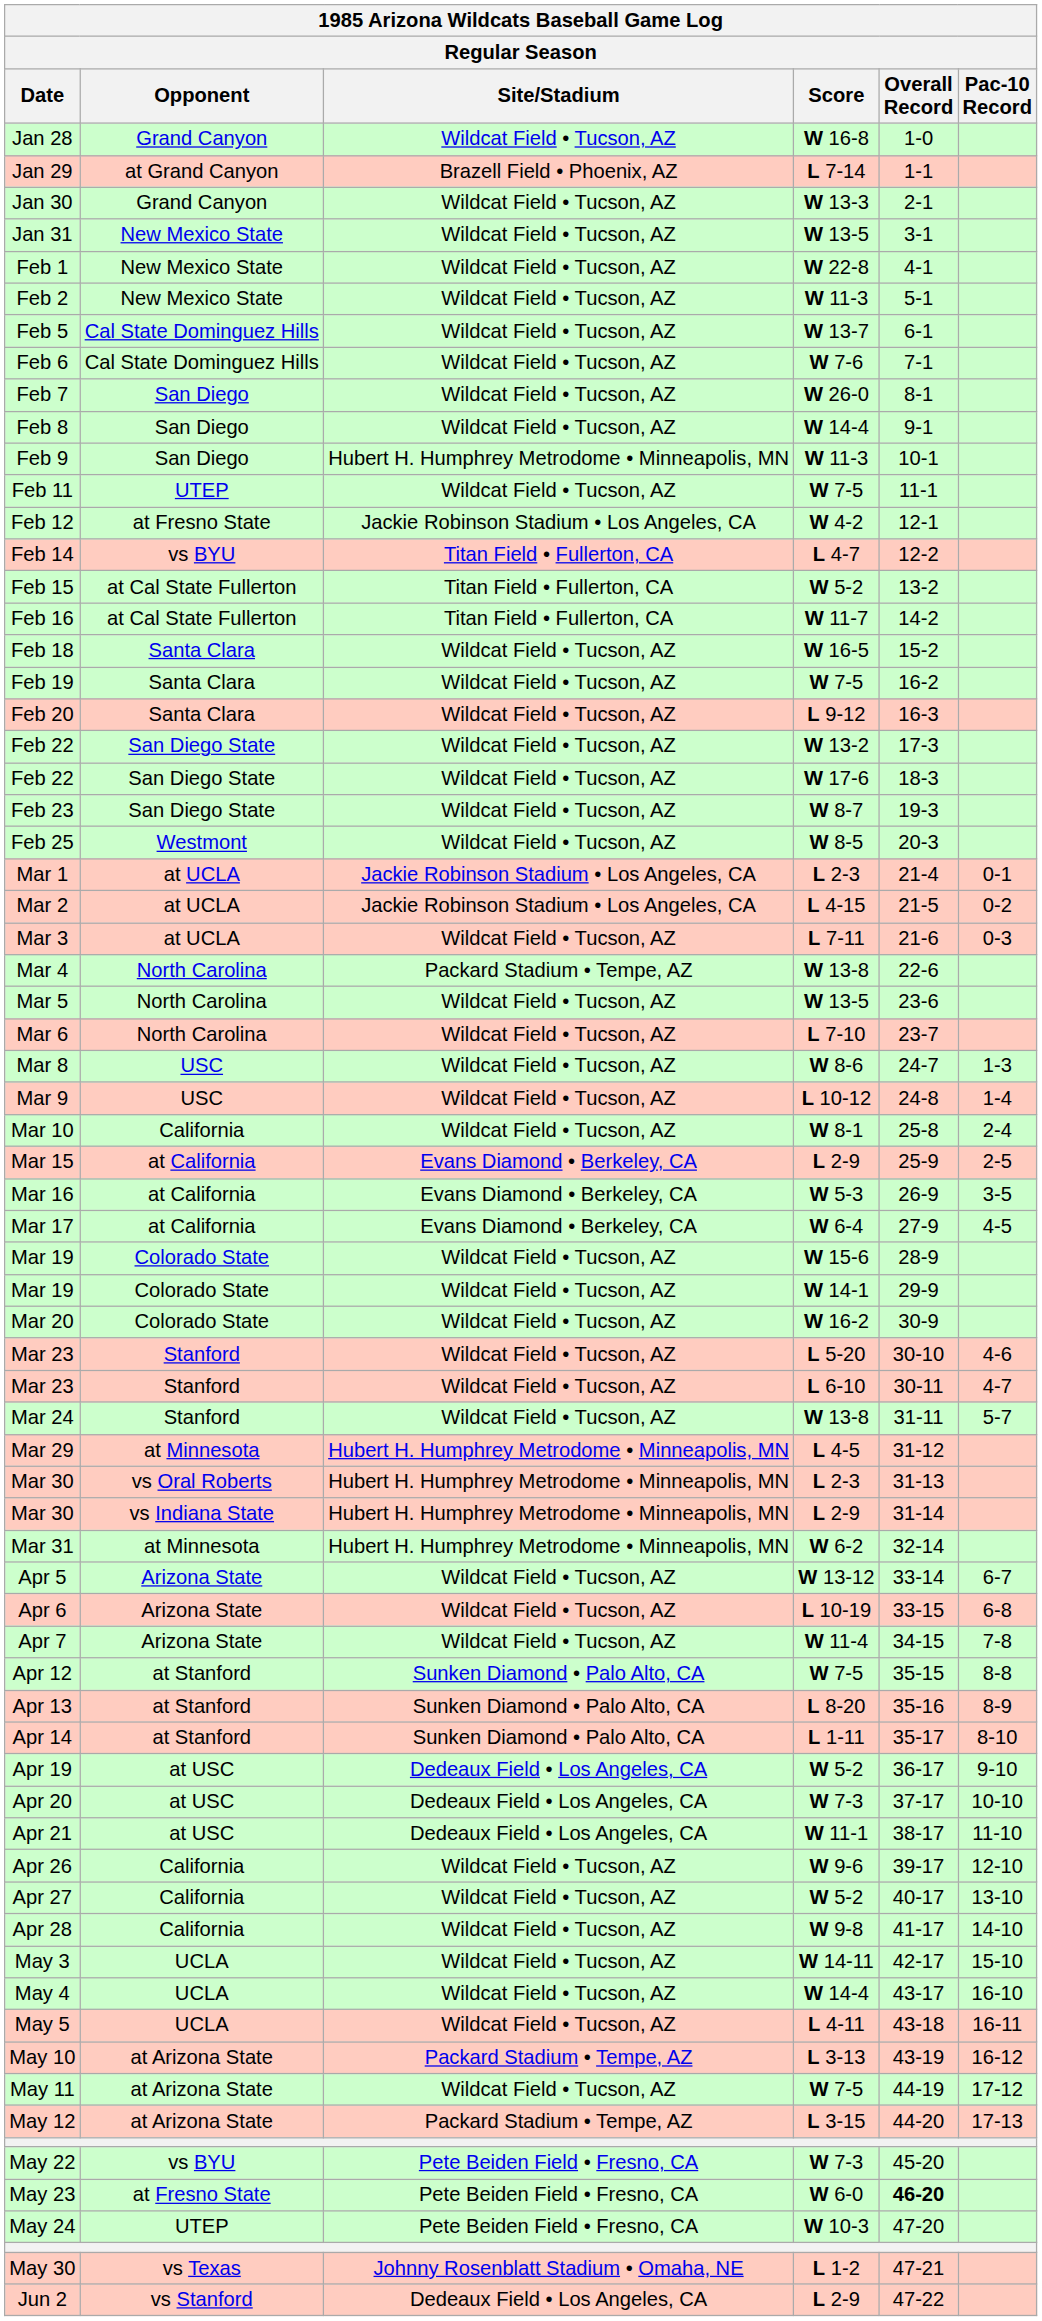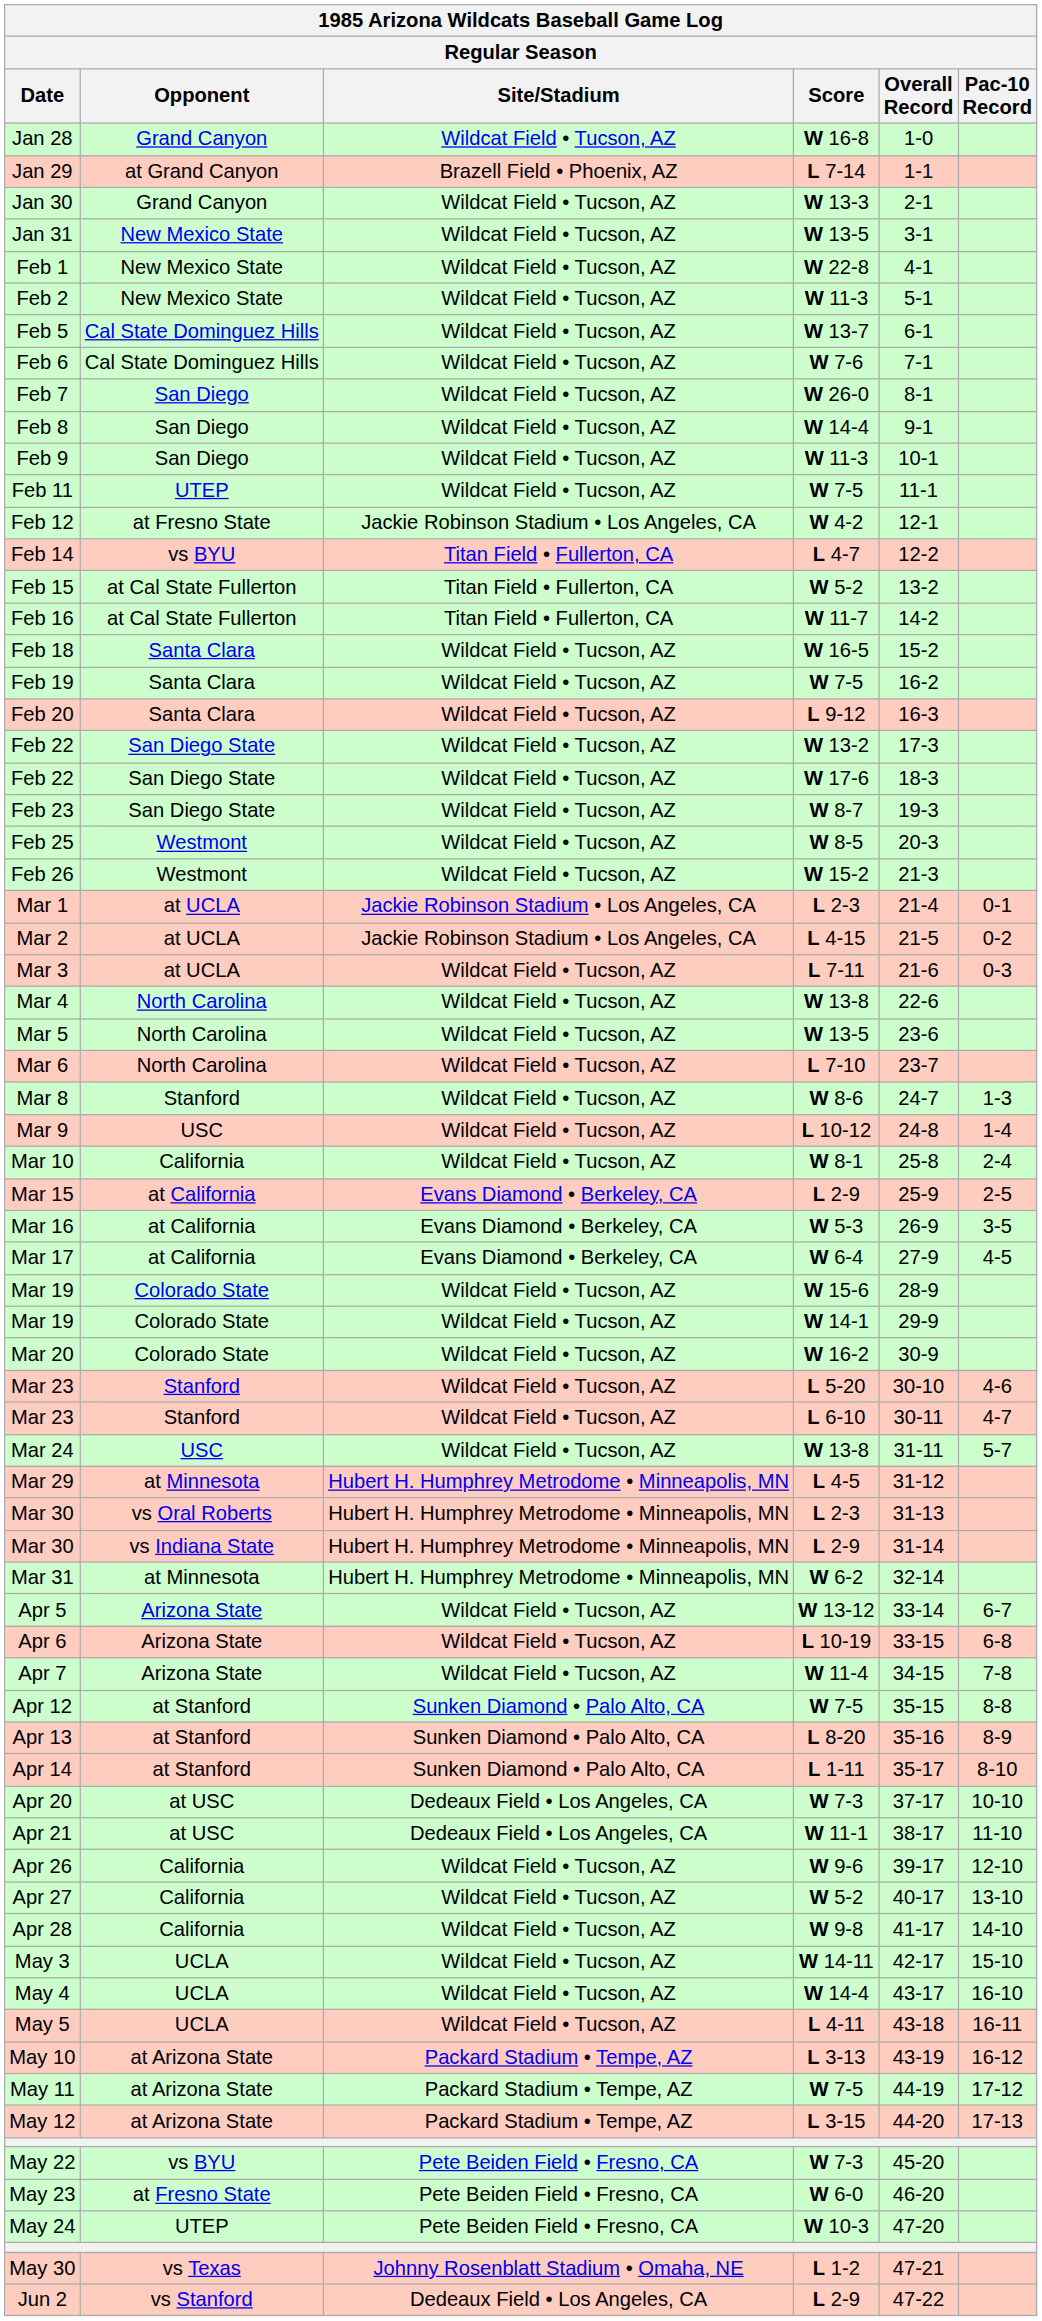 <table class="wikitable">
 <tr>
 <th colspan="6">1985 Arizona Wildcats Baseball Game Log</th>
 </tr>
 <tr>
 <th colspan="6">Regular Season</th>
 </tr>
 <tr>
 <th>Date</th>
 <th>Opponent</th>
 <th>Site/Stadium</th>
 <th>Score</th>
 <th>Overall<br>Record</th>
 <th>Pac-10<br>Record</th>
 </tr>
 <tr bgcolor="ccffcc" align="center">
 <td>Jan 28</td>
 <td><a href='#'>Grand Canyon</a></td>
 <td><a href='#'>Wildcat Field</a> • <a href='#'>Tucson, AZ</a></td>
 <td><strong>W</strong> 16-8</td>
 <td>1-0</td>
 <td></td>
 </tr>
 <tr bgcolor="ffccc" align="center">
 <td>Jan 29</td>
 <td>at Grand Canyon</td>
 <td>Brazell Field • Phoenix, AZ</td>
 <td><strong>L</strong> 7-14</td>
 <td>1-1</td>
 <td></td>
 </tr>
 <tr bgcolor="ccffcc" align="center">
 <td>Jan 30</td>
 <td>Grand Canyon</td>
 <td>Wildcat Field • Tucson, AZ</td>
 <td><strong>W</strong> 13-3</td>
 <td>2-1</td>
 <td></td>
 </tr>
 <tr bgcolor="ccffcc" align="center">
 <td>Jan 31</td>
 <td><a href='#'>New Mexico State</a></td>
 <td>Wildcat Field • Tucson, AZ</td>
 <td><strong>W</strong> 13-5</td>
 <td>3-1</td>
 <td></td>
 </tr>
 <tr bgcolor="ccffcc" align="center">
 <td>Feb 1</td>
 <td>New Mexico State</td>
 <td>Wildcat Field • Tucson, AZ</td>
 <td><strong>W</strong> 22-8</td>
 <td>4-1</td>
 <td></td>
 </tr>
 <tr bgcolor="ccffcc" align="center">
 <td>Feb 2</td>
 <td>New Mexico State</td>
 <td>Wildcat Field • Tucson, AZ</td>
 <td><strong>W</strong> 11-3</td>
 <td>5-1</td>
 <td></td>
 </tr>
 <tr bgcolor="ccffcc" align="center">
 <td>Feb 5</td>
 <td><a href='#'>Cal State Dominguez Hills</a></td>
 <td>Wildcat Field • Tucson, AZ</td>
 <td><strong>W</strong> 13-7</td>
 <td>6-1</td>
 <td></td>
 </tr>
 <tr bgcolor="ccffcc" align="center">
 <td>Feb 6</td>
 <td>Cal State Dominguez Hills</td>
 <td>Wildcat Field • Tucson, AZ</td>
 <td><strong>W</strong> 7-6</td>
 <td>7-1</td>
 <td></td>
 </tr>
 <tr bgcolor="ccffcc" align="center">
 <td>Feb 7</td>
 <td><a href='#'>San Diego</a></td>
 <td>Wildcat Field • Tucson, AZ</td>
 <td><strong>W</strong> 26-0</td>
 <td>8-1</td>
 <td></td>
 </tr>
 <tr bgcolor="ccffcc" align="center">
 <td>Feb 8</td>
 <td>San Diego</td>
 <td>Wildcat Field • Tucson, AZ</td>
 <td><strong>W</strong> 14-4</td>
 <td>9-1</td>
 <td></td>
 </tr>
 <tr bgcolor="ccffcc" align="center">
 <td>Feb 9</td>
 <td>San Diego</td>
-<td>Hubert H. Humphrey Metrodome • Minneapolis, MN</td>
+<td>Wildcat Field • Tucson, AZ</td>
 <td><strong>W</strong> 11-3</td>
 <td>10-1</td>
 <td></td>
 </tr>
 <tr bgcolor="ccffcc" align="center">
 <td>Feb 11</td>
 <td><a href='#'>UTEP</a></td>
 <td>Wildcat Field • Tucson, AZ</td>
 <td><strong>W</strong> 7-5</td>
 <td>11-1</td>
 <td></td>
 </tr>
 <tr bgcolor="ccffcc" align="center">
 <td>Feb 12</td>
 <td>at Fresno State</td>
 <td>Jackie Robinson Stadium • Los Angeles, CA</td>
 <td><strong>W</strong> 4-2</td>
 <td>12-1</td>
 <td></td>
 </tr>
 <tr bgcolor="ffccc" align="center">
 <td>Feb 14</td>
 <td>vs <a href='#'>BYU</a></td>
 <td><a href='#'>Titan Field</a> • <a href='#'>Fullerton, CA</a></td>
 <td><strong>L</strong> 4-7</td>
 <td>12-2</td>
 <td></td>
 </tr>
 <tr bgcolor="ccffcc" align="center">
 <td>Feb 15</td>
 <td>at Cal State Fullerton</td>
 <td>Titan Field • Fullerton, CA</td>
 <td><strong>W</strong> 5-2</td>
 <td>13-2</td>
 <td></td>
 </tr>
 <tr bgcolor="ccffcc" align="center">
 <td>Feb 16</td>
 <td>at Cal State Fullerton</td>
 <td>Titan Field • Fullerton, CA</td>
 <td><strong>W</strong> 11-7</td>
 <td>14-2</td>
 <td></td>
 </tr>
 <tr bgcolor="ccffcc" align="center">
 <td>Feb 18</td>
 <td><a href='#'>Santa Clara</a></td>
 <td>Wildcat Field • Tucson, AZ</td>
 <td><strong>W</strong> 16-5</td>
 <td>15-2</td>
 <td></td>
 </tr>
 <tr bgcolor="ccffcc" align="center">
 <td>Feb 19</td>
 <td>Santa Clara</td>
 <td>Wildcat Field • Tucson, AZ</td>
 <td><strong>W</strong> 7-5</td>
 <td>16-2</td>
 <td></td>
 </tr>
 <tr bgcolor="ffccc" align="center">
 <td>Feb 20</td>
 <td>Santa Clara</td>
 <td>Wildcat Field • Tucson, AZ</td>
 <td><strong>L</strong> 9-12</td>
 <td>16-3</td>
 <td></td>
 </tr>
 <tr bgcolor="ccffcc" align="center">
 <td>Feb 22</td>
 <td><a href='#'>San Diego State</a></td>
 <td>Wildcat Field • Tucson, AZ</td>
 <td><strong>W</strong> 13-2</td>
 <td>17-3</td>
 <td></td>
 </tr>
 <tr bgcolor="ccffcc" align="center">
 <td>Feb 22</td>
 <td>San Diego State</td>
 <td>Wildcat Field • Tucson, AZ</td>
 <td><strong>W</strong> 17-6</td>
 <td>18-3</td>
 <td></td>
 </tr>
 <tr bgcolor="ccffcc" align="center">
 <td>Feb 23</td>
 <td>San Diego State</td>
 <td>Wildcat Field • Tucson, AZ</td>
 <td><strong>W</strong> 8-7</td>
 <td>19-3</td>
 <td></td>
 </tr>
 <tr bgcolor="ccffcc" align="center">
 <td>Feb 25</td>
 <td><a href='#'>Westmont</a></td>
 <td>Wildcat Field • Tucson, AZ</td>
 <td><strong>W</strong> 8-5</td>
 <td>20-3</td>
 <td></td>
 </tr>
+<tr bgcolor="ccffcc" align="center">
+<td>Feb 26</td>
+<td>Westmont</td>
+<td>Wildcat Field • Tucson, AZ</td>
+<td><strong>W</strong> 15-2</td>
+<td>21-3</td>
+<td></td>
+</tr>
 <tr bgcolor="ffccc" align="center">
 <td>Mar 1</td>
 <td>at <a href='#'>UCLA</a></td>
 <td><a href='#'>Jackie Robinson Stadium</a> • Los Angeles, CA</td>
 <td><strong>L</strong> 2-3</td>
 <td>21-4</td>
 <td>0-1</td>
 </tr>
 <tr bgcolor="ffccc" align="center">
 <td>Mar 2</td>
 <td>at UCLA</td>
 <td>Jackie Robinson Stadium • Los Angeles, CA</td>
 <td><strong>L</strong> 4-15</td>
 <td>21-5</td>
 <td>0-2</td>
 </tr>
 <tr bgcolor="ffccc" align="center">
 <td>Mar 3</td>
 <td>at UCLA</td>
 <td>Wildcat Field • Tucson, AZ</td>
 <td><strong>L</strong> 7-11</td>
 <td>21-6</td>
 <td>0-3</td>
 </tr>
 <tr bgcolor="ccffcc" align="center">
 <td>Mar 4</td>
 <td><a href='#'>North Carolina</a></td>
-<td>Packard Stadium • Tempe, AZ</td>
+<td>Wildcat Field • Tucson, AZ</td>
 <td><strong>W</strong> 13-8</td>
 <td>22-6</td>
 <td></td>
 </tr>
 <tr bgcolor="ccffcc" align="center">
 <td>Mar 5</td>
 <td>North Carolina</td>
 <td>Wildcat Field • Tucson, AZ</td>
 <td><strong>W</strong> 13-5</td>
 <td>23-6</td>
 <td></td>
 </tr>
 <tr bgcolor="ffccc" align="center">
 <td>Mar 6</td>
 <td>North Carolina</td>
 <td>Wildcat Field • Tucson, AZ</td>
 <td><strong>L</strong> 7-10</td>
 <td>23-7</td>
 <td></td>
 </tr>
 <tr bgcolor="ccffcc" align="center">
 <td>Mar 8</td>
-<td><a href='#'>USC</a></td>
+<td>Stanford</td>
 <td>Wildcat Field • Tucson, AZ</td>
 <td><strong>W</strong> 8-6</td>
 <td>24-7</td>
 <td>1-3</td>
 </tr>
 <tr bgcolor="ffccc" align="center">
 <td>Mar 9</td>
 <td>USC</td>
 <td>Wildcat Field • Tucson, AZ</td>
 <td><strong>L</strong> 10-12</td>
 <td>24-8</td>
 <td>1-4</td>
 </tr>
 <tr bgcolor="ccffcc" align="center">
 <td>Mar 10</td>
 <td>California</td>
 <td>Wildcat Field • Tucson, AZ</td>
 <td><strong>W</strong> 8-1</td>
 <td>25-8</td>
 <td>2-4</td>
 </tr>
 <tr bgcolor="ffccc" align="center">
 <td>Mar 15</td>
 <td>at <a href='#'>California</a></td>
 <td><a href='#'>Evans Diamond</a> • <a href='#'>Berkeley, CA</a></td>
 <td><strong>L</strong> 2-9</td>
 <td>25-9</td>
 <td>2-5</td>
 </tr>
 <tr bgcolor="ccffcc" align="center">
 <td>Mar 16</td>
 <td>at California</td>
 <td>Evans Diamond • Berkeley, CA</td>
 <td><strong>W</strong> 5-3</td>
 <td>26-9</td>
 <td>3-5</td>
 </tr>
 <tr bgcolor="ccffcc" align="center">
 <td>Mar 17</td>
 <td>at California</td>
 <td>Evans Diamond • Berkeley, CA</td>
 <td><strong>W</strong> 6-4</td>
 <td>27-9</td>
 <td>4-5</td>
 </tr>
 <tr bgcolor="ccffcc" align="center">
 <td>Mar 19</td>
 <td><a href='#'>Colorado State</a></td>
 <td>Wildcat Field • Tucson, AZ</td>
 <td><strong>W</strong> 15-6</td>
 <td>28-9</td>
 <td></td>
 </tr>
 <tr bgcolor="ccffcc" align="center">
 <td>Mar 19</td>
 <td>Colorado State</td>
 <td>Wildcat Field • Tucson, AZ</td>
 <td><strong>W</strong> 14-1</td>
 <td>29-9</td>
 <td></td>
 </tr>
 <tr bgcolor="ccffcc" align="center">
 <td>Mar 20</td>
 <td>Colorado State</td>
 <td>Wildcat Field • Tucson, AZ</td>
 <td><strong>W</strong> 16-2</td>
 <td>30-9</td>
 <td></td>
 </tr>
 <tr bgcolor="ffccc" align="center">
 <td>Mar 23</td>
 <td><a href='#'>Stanford</a></td>
 <td>Wildcat Field • Tucson, AZ</td>
 <td><strong>L</strong> 5-20</td>
 <td>30-10</td>
 <td>4-6</td>
 </tr>
 <tr bgcolor="ffccc" align="center">
 <td>Mar 23</td>
 <td>Stanford</td>
 <td>Wildcat Field • Tucson, AZ</td>
 <td><strong>L</strong> 6-10</td>
 <td>30-11</td>
 <td>4-7</td>
 </tr>
 <tr bgcolor="ccffcc" align="center">
 <td>Mar 24</td>
-<td>Stanford</td>
+<td><a href='#'>USC</a></td>
 <td>Wildcat Field • Tucson, AZ</td>
 <td><strong>W</strong> 13-8</td>
 <td>31-11</td>
 <td>5-7</td>
 </tr>
 <tr bgcolor="ffccc" align="center">
 <td>Mar 29</td>
 <td>at <a href='#'>Minnesota</a></td>
 <td><a href='#'>Hubert H. Humphrey Metrodome</a> • <a href='#'>Minneapolis, MN</a></td>
 <td><strong>L</strong> 4-5</td>
 <td>31-12</td>
 <td></td>
 </tr>
 <tr bgcolor="ffccc" align="center">
 <td>Mar 30</td>
 <td>vs <a href='#'>Oral Roberts</a></td>
 <td>Hubert H. Humphrey Metrodome • Minneapolis, MN</td>
 <td><strong>L</strong> 2-3</td>
 <td>31-13</td>
 <td></td>
 </tr>
 <tr bgcolor="ffccc" align="center">
 <td>Mar 30</td>
 <td>vs <a href='#'>Indiana State</a></td>
 <td>Hubert H. Humphrey Metrodome • Minneapolis, MN</td>
 <td><strong>L</strong> 2-9</td>
 <td>31-14</td>
 <td></td>
 </tr>
 <tr bgcolor="ccffcc" align="center">
 <td>Mar 31</td>
 <td>at Minnesota</td>
 <td>Hubert H. Humphrey Metrodome • Minneapolis, MN</td>
 <td><strong>W</strong> 6-2</td>
 <td>32-14</td>
 <td></td>
 </tr>
 <tr bgcolor="ccffcc" align="center">
 <td>Apr 5</td>
 <td><a href='#'>Arizona State</a></td>
 <td>Wildcat Field • Tucson, AZ</td>
 <td><strong>W</strong> 13-12</td>
 <td>33-14</td>
 <td>6-7</td>
 </tr>
 <tr bgcolor="ffccc" align="center">
 <td>Apr 6</td>
 <td>Arizona State</td>
 <td>Wildcat Field • Tucson, AZ</td>
 <td><strong>L</strong> 10-19</td>
 <td>33-15</td>
 <td>6-8</td>
 </tr>
 <tr bgcolor="ccffcc" align="center">
 <td>Apr 7</td>
 <td>Arizona State</td>
 <td>Wildcat Field • Tucson, AZ</td>
 <td><strong>W</strong> 11-4</td>
 <td>34-15</td>
 <td>7-8</td>
 </tr>
 <tr bgcolor="ccffcc" align="center">
 <td>Apr 12</td>
 <td>at Stanford</td>
 <td><a href='#'>Sunken Diamond</a> • <a href='#'>Palo Alto, CA</a></td>
 <td><strong>W</strong> 7-5</td>
 <td>35-15</td>
 <td>8-8</td>
 </tr>
 <tr bgcolor="ffccc" align="center">
 <td>Apr 13</td>
 <td>at Stanford</td>
 <td>Sunken Diamond • Palo Alto, CA</td>
 <td><strong>L</strong> 8-20</td>
 <td>35-16</td>
 <td>8-9</td>
 </tr>
 <tr bgcolor="ffccc" align="center">
 <td>Apr 14</td>
 <td>at Stanford</td>
 <td>Sunken Diamond • Palo Alto, CA</td>
 <td><strong>L</strong> 1-11</td>
 <td>35-17</td>
 <td>8-10</td>
 </tr>
 <tr bgcolor="ccffcc" align="center">
-<td>Apr 19</td>
-<td>at USC</td>
-<td><a href='#'>Dedeaux Field</a> • <a href='#'>Los Angeles, CA</a></td>
-<td><strong>W</strong> 5-2</td>
-<td>36-17</td>
-<td>9-10</td>
-</tr>
-<tr bgcolor="ccffcc" align="center">
 <td>Apr 20</td>
 <td>at USC</td>
 <td>Dedeaux Field • Los Angeles, CA</td>
 <td><strong>W</strong> 7-3</td>
 <td>37-17</td>
 <td>10-10</td>
 </tr>
 <tr bgcolor="ccffcc" align="center">
 <td>Apr 21</td>
 <td>at USC</td>
 <td>Dedeaux Field • Los Angeles, CA</td>
 <td><strong>W</strong> 11-1</td>
 <td>38-17</td>
 <td>11-10</td>
 </tr>
 <tr bgcolor="ccffcc" align="center">
 <td>Apr 26</td>
 <td>California</td>
 <td>Wildcat Field • Tucson, AZ</td>
 <td><strong>W</strong> 9-6</td>
 <td>39-17</td>
 <td>12-10</td>
 </tr>
 <tr bgcolor="ccffcc" align="center">
 <td>Apr 27</td>
 <td>California</td>
 <td>Wildcat Field • Tucson, AZ</td>
 <td><strong>W</strong> 5-2</td>
 <td>40-17</td>
 <td>13-10</td>
 </tr>
 <tr bgcolor="ccffcc" align="center">
 <td>Apr 28</td>
 <td>California</td>
 <td>Wildcat Field • Tucson, AZ</td>
 <td><strong>W</strong> 9-8</td>
 <td>41-17</td>
 <td>14-10</td>
 </tr>
 <tr bgcolor="ccffcc" align="center">
 <td>May 3</td>
 <td>UCLA</td>
 <td>Wildcat Field • Tucson, AZ</td>
 <td><strong>W</strong> 14-11</td>
 <td>42-17</td>
 <td>15-10</td>
 </tr>
 <tr bgcolor="ccffcc" align="center">
 <td>May 4</td>
 <td>UCLA</td>
 <td>Wildcat Field • Tucson, AZ</td>
 <td><strong>W</strong> 14-4</td>
 <td>43-17</td>
 <td>16-10</td>
 </tr>
 <tr bgcolor="ffccc" align="center">
 <td>May 5</td>
 <td>UCLA</td>
 <td>Wildcat Field • Tucson, AZ</td>
 <td><strong>L</strong> 4-11</td>
 <td>43-18</td>
 <td>16-11</td>
 </tr>
 <tr bgcolor="ffccc" align="center">
 <td>May 10</td>
 <td>at Arizona State</td>
 <td><a href='#'>Packard Stadium</a> • <a href='#'>Tempe, AZ</a></td>
 <td><strong>L</strong> 3-13</td>
 <td>43-19</td>
 <td>16-12</td>
 </tr>
 <tr bgcolor="ccffcc" align="center">
 <td>May 11</td>
 <td>at Arizona State</td>
-<td>Wildcat Field • Tucson, AZ</td>
+<td>Packard Stadium • Tempe, AZ</td>
 <td><strong>W</strong> 7-5</td>
 <td>44-19</td>
 <td>17-12</td>
 </tr>
 <tr bgcolor="ffccc" align="center">
 <td>May 12</td>
 <td>at Arizona State</td>
 <td>Packard Stadium • Tempe, AZ</td>
 <td><strong>L</strong> 3-15</td>
 <td>44-20</td>
 <td>17-13</td>
 </tr>
 <tr>
 <th colspan="6"><a href='#'></a></th>
 </tr>
 <tr bgcolor="ccffcc" align="center">
 <td>May 22</td>
 <td>vs <a href='#'>BYU</a></td>
 <td><a href='#'>Pete Beiden Field</a> • <a href='#'>Fresno, CA</a></td>
 <td><strong>W</strong> 7-3</td>
 <td>45-20</td>
 <td></td>
 </tr>
 <tr bgcolor="ccffcc" align="center">
 <td>May 23</td>
 <td>at <a href='#'>Fresno State</a></td>
 <td>Pete Beiden Field • Fresno, CA</td>
 <td><strong>W</strong> 6-0</td>
-<td><strong>46-20</strong></td>
+<td>46-20</td>
 <td></td>
 </tr>
 <tr bgcolor="ccffcc" align="center">
 <td>May 24</td>
 <td>UTEP</td>
 <td>Pete Beiden Field • Fresno, CA</td>
 <td><strong>W</strong> 10-3</td>
 <td>47-20</td>
 <td></td>
 </tr>
 <tr>
 <th colspan="6"><a href='#'></a></th>
 </tr>
 <tr bgcolor="ffccc" align="center">
 <td>May 30</td>
 <td>vs <a href='#'>Texas</a></td>
 <td><a href='#'>Johnny Rosenblatt Stadium</a> • <a href='#'>Omaha, NE</a></td>
 <td><strong>L</strong> 1-2</td>
 <td>47-21</td>
 <td></td>
 </tr>
 <tr bgcolor="ffccc" align="center">
 <td>Jun 2</td>
 <td>vs <a href='#'>Stanford</a></td>
 <td>Dedeaux Field • Los Angeles, CA</td>
 <td><strong>L</strong> 2-9</td>
 <td>47-22</td>
 <td></td>
 </tr>
 </table>
